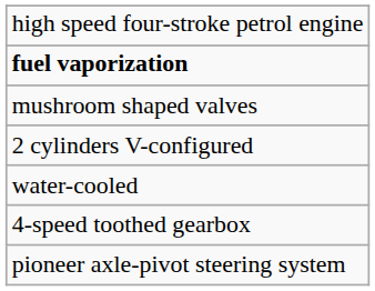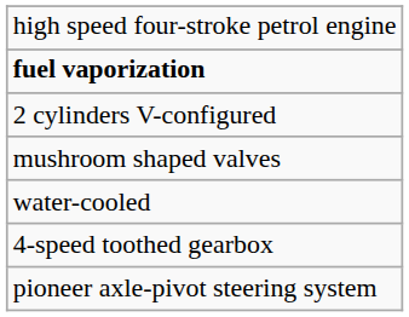 <table class="wikitable" style="font-size: 80%; float:right;">
 <tr>
 <td>high speed four-stroke petrol engine</td>
 </tr>
 <tr>
 <td><strong>fuel vaporization</strong></td>
 </tr>
 <tr>
-<td>mushroom shaped valves</td>
+<td>2 cylinders V-configured</td>
 </tr>
 <tr>
-<td>2 cylinders V-configured</td>
+<td>mushroom shaped valves</td>
 </tr>
 <tr>
 <td>water-cooled</td>
 </tr>
 <tr>
 <td>4-speed toothed gearbox</td>
 </tr>
 <tr>
 <td>pioneer axle-pivot steering system</td>
 </tr>
 </table>
